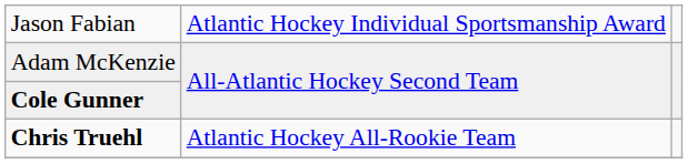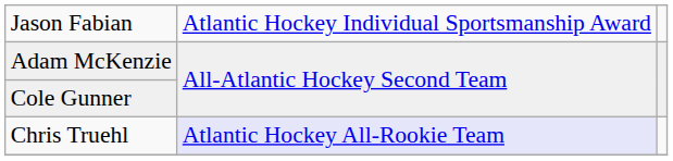 <table class="wikitable">
 <tr>
 <td>Jason Fabian</td>
 <td><a href='#'>Atlantic Hockey Individual Sportsmanship Award</a></td>
 <td></td>
 </tr>
 <tr bgcolor=f0f0f0>
 <td>Adam McKenzie</td>
 <td rowspan=2><a href='#'>All-Atlantic Hockey Second Team</a></td>
 <td rowspan=2></td>
 </tr>
 <tr bgcolor=f0f0f0>
-<td><strong>Cole Gunner</strong></td>
+<td>Cole Gunner</td>
 </tr>
 <tr>
-<td><strong>Chris Truehl</strong></td>
-<td><a href='#'>Atlantic Hockey All-Rookie Team</a></td>
+<td>Chris Truehl</td>
+<td style="background: lavender;"><a href='#'>Atlantic Hockey All-Rookie Team</a></td>
 <td></td>
 </tr>
 <tr>
 </tr>
 </table>
